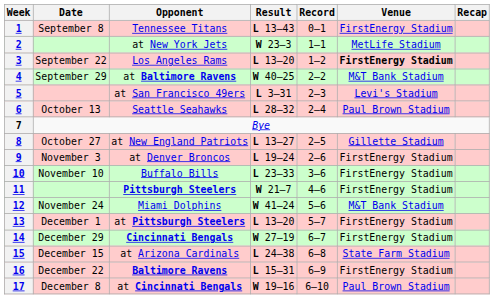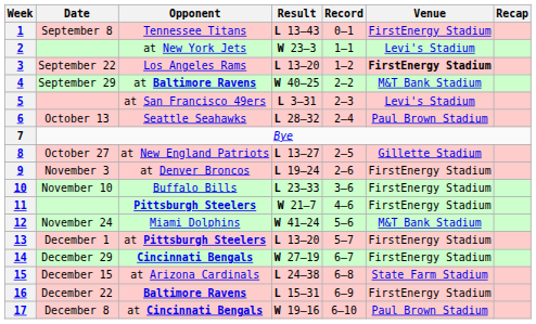 <table class="wikitable" style="text-align:center">
 <tr>
 <th>Week</th>
 <th>Date</th>
 <th>Opponent</th>
 <th>Result</th>
 <th>Record</th>
 <th>Venue</th>
 <th>Recap</th>
 </tr>
 <tr style="background:#fcc">
 <th><a href='#'>1</a></th>
 <td>September 8</td>
 <td><a href='#'>Tennessee Titans</a></td>
 <td><strong>L</strong> 13–43</td>
 <td>0–1</td>
 <td><a href='#'>FirstEnergy Stadium</a></td>
 <td></td>
 </tr>
 <tr style="background:#cfc">
 <th><a href='#'>2</a></th>
 <td></td>
 <td>at <a href='#'>New York Jets</a></td>
 <td><strong>W</strong> 23–3</td>
 <td>1–1</td>
-<td><a href='#'>MetLife Stadium</a></td>
+<td><a href='#'>Levi's Stadium</a></td>
 <td></td>
 </tr>
 <tr style="background:#fcc">
 <th><a href='#'>3</a></th>
 <td>September 22</td>
 <td><a href='#'>Los Angeles Rams</a></td>
 <td><strong>L</strong> 13–20</td>
 <td>1–2</td>
 <td><strong>FirstEnergy Stadium</strong></td>
 <td></td>
 </tr>
 <tr style="background:#cfc">
 <th><a href='#'>4</a></th>
 <td>September 29</td>
 <td>at <strong><a href='#'>Baltimore Ravens</a></strong></td>
 <td><strong>W</strong> 40–25</td>
 <td>2–2</td>
 <td><a href='#'>M&T Bank Stadium</a></td>
 <td></td>
 </tr>
 <tr style="background:#fcc">
 <th><a href='#'>5</a></th>
 <td></td>
 <td>at <a href='#'>San Francisco 49ers</a></td>
 <td><strong>L</strong> 3–31</td>
 <td>2–3</td>
 <td><a href='#'>Levi's Stadium</a></td>
 <td></td>
 </tr>
 <tr style="background:#fcc">
 <th><a href='#'>6</a></th>
 <td>October 13</td>
 <td><a href='#'>Seattle Seahawks</a></td>
 <td><strong>L</strong> 28–32</td>
 <td>2–4</td>
 <td><a href='#'>Paul Brown Stadium</a></td>
 <td></td>
 </tr>
 <tr>
 <th>7</th>
 <td colspan=6><em><a href='#'>Bye</a></em></td>
 </tr>
 <tr style="background:#fcc">
 <th><a href='#'>8</a></th>
 <td>October 27</td>
 <td>at <a href='#'>New England Patriots</a></td>
 <td><strong>L</strong> 13–27</td>
 <td>2–5</td>
 <td><a href='#'>Gillette Stadium</a></td>
 <td></td>
 </tr>
 <tr style="background:#fcc">
 <th><a href='#'>9</a></th>
 <td>November 3</td>
 <td>at <a href='#'>Denver Broncos</a></td>
 <td><strong>L</strong> 19–24</td>
 <td>2–6</td>
 <td>FirstEnergy Stadium</td>
 <td></td>
 </tr>
 <tr style="background:#cfc">
 <th><a href='#'>10</a></th>
 <td>November 10</td>
 <td><a href='#'>Buffalo Bills</a></td>
 <td><strong>L</strong> 23–33</td>
 <td>3–6</td>
 <td>FirstEnergy Stadium</td>
 <td></td>
 </tr>
 <tr style="background:#cfc">
 <th><a href='#'>11</a></th>
 <td></td>
 <td><strong><a href='#'>Pittsburgh Steelers</a></strong></td>
 <td><strong>W</strong> 21–7</td>
 <td>4–6</td>
 <td>FirstEnergy Stadium</td>
 <td></td>
 </tr>
 <tr style="background:#cfc">
 <th><a href='#'>12</a></th>
 <td>November 24</td>
 <td><a href='#'>Miami Dolphins</a></td>
 <td><strong>W</strong> 41–24</td>
 <td>5–6</td>
 <td><a href='#'>M&T Bank Stadium</a></td>
 <td></td>
 </tr>
 <tr style="background:#fcc">
 <th><a href='#'>13</a></th>
 <td>December 1</td>
 <td>at <strong><a href='#'>Pittsburgh Steelers</a></strong></td>
 <td><strong>L</strong> 13–20</td>
 <td>5–7</td>
 <td>FirstEnergy Stadium</td>
 <td></td>
 </tr>
 <tr style="background:#cfc">
 <th><a href='#'>14</a></th>
 <td>December 29</td>
 <td><strong><a href='#'>Cincinnati Bengals</a></strong></td>
 <td><strong>W</strong> 27–19</td>
 <td>6–7</td>
 <td>FirstEnergy Stadium</td>
 <td></td>
 </tr>
 <tr style="background:#fcc">
 <th><a href='#'>15</a></th>
 <td>December 15</td>
 <td>at <a href='#'>Arizona Cardinals</a></td>
 <td><strong>L</strong> 24–38</td>
 <td>6–8</td>
 <td><a href='#'>State Farm Stadium</a></td>
 <td></td>
 </tr>
 <tr style="background:#fcc">
 <th><a href='#'>16</a></th>
 <td>December 22</td>
 <td><strong><a href='#'>Baltimore Ravens</a></strong></td>
 <td><strong>L</strong> 15–31</td>
 <td>6–9</td>
 <td>FirstEnergy Stadium</td>
 <td></td>
 </tr>
 <tr style="background:#fcc">
 <th><a href='#'>17</a></th>
 <td>December 8</td>
 <td>at <strong><a href='#'>Cincinnati Bengals</a></strong></td>
 <td><strong>W</strong> 19–16</td>
 <td>6–10</td>
 <td><a href='#'>Paul Brown Stadium</a></td>
 <td></td>
 </tr>
 </table>
